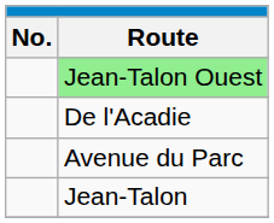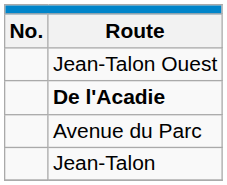 <table align=center class="wikitable">
 <tr>
 <th style="background: #0085CA; font-size:100%; color:#FFFFFF;"colspan="4"><a href='#'></a></th>
 </tr>
 <tr>
 <th>No.</th>
 <th>Route</th>
 </tr>
 <tr>
 <td></td>
-<td style="background: lightgreen;">Jean-Talon Ouest</td>
+<td>Jean-Talon Ouest</td>
 </tr>
 <tr>
 <td></td>
-<td>De l'Acadie</td>
+<td><strong>De l'Acadie</strong></td>
 </tr>
 <tr>
 <td {{Avoid wrap> </td>
 <td>Avenue du Parc</td>
 </tr>
 <tr>
 <td {{Avoid wrap> </td>
 <td>Jean-Talon</td>
 </tr>
 <tr>
 </tr>
 </table>
